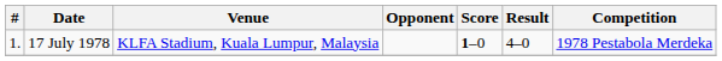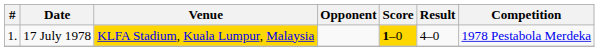 <table class="wikitable">
 <tr>
 <th>#</th>
 <th>Date</th>
 <th>Venue</th>
 <th>Opponent</th>
 <th>Score</th>
 <th>Result</th>
 <th>Competition</th>
 </tr>
 <tr>
 <td>1.</td>
 <td>17 July 1978</td>
-<td><a href='#'>KLFA Stadium</a>, <a href='#'>Kuala Lumpur</a>, <a href='#'>Malaysia</a></td>
+<td style="background: gold;"><a href='#'>KLFA Stadium</a>, <a href='#'>Kuala Lumpur</a>, <a href='#'>Malaysia</a></td>
 <td></td>
-<td><strong>1</strong>–0</td>
+<td style="background: gold;"><strong>1</strong>–0</td>
 <td>4–0</td>
 <td><a href='#'>1978 Pestabola Merdeka</a></td>
 </tr>
 <tr>
 </tr>
 </table>
